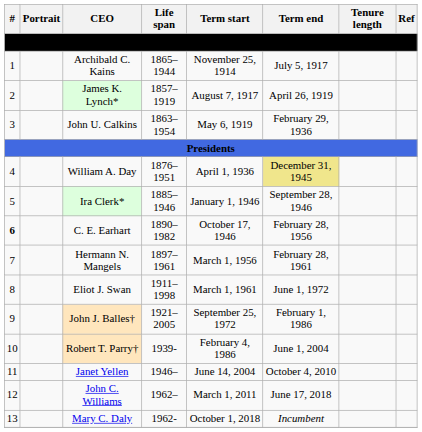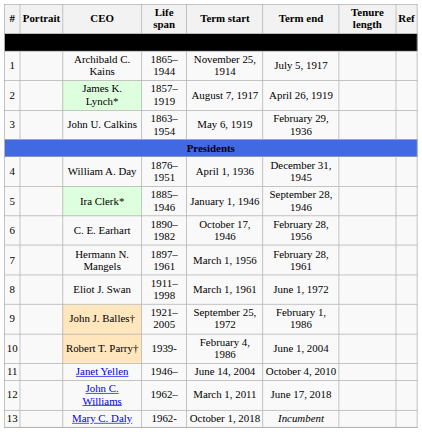 <table class="wikitable" style="text-align:center">
 <tr>
 <th>#</th>
 <th>Portrait</th>
 <th>CEO</th>
 <th>Life span</th>
 <th>Term start</th>
 <th>Term end</th>
 <th>Tenure length</th>
 <th>Ref</th>
 </tr>
 <tr>
 <td align="center" Colspan="18" style="background: #000000"><strong><span>Governors</span></strong></td>
 </tr>
 <tr>
 <td>1</td>
 <td></td>
 <td>Archibald C. Kains</td>
 <td>1865–1944</td>
 <td>November 25, 1914</td>
 <td>July 5, 1917</td>
 <td></td>
 <td align="center"></td>
 </tr>
 <tr>
 <td>2</td>
 <td></td>
 <td bgcolor="#ddffdd">James K. Lynch*</td>
 <td>1857–1919</td>
 <td>August 7, 1917</td>
 <td>April 26, 1919</td>
 <td></td>
 <td align="center"></td>
 </tr>
 <tr>
 <td>3</td>
 <td></td>
 <td>John U. Calkins</td>
 <td>1863–1954</td>
 <td>May 6, 1919</td>
 <td>February 29, 1936</td>
 <td></td>
 <td align="center"></td>
 </tr>
 <tr>
 <td align="center" Colspan="18" style="background: #4169E1"><strong><span>Presidents</span></strong></td>
 </tr>
 <tr>
 <td>4</td>
 <td></td>
 <td>William A. Day</td>
 <td>1876–1951</td>
 <td>April 1, 1936</td>
-<td style="background: khaki;">December 31, 1945</td>
+<td>December 31, 1945</td>
 <td></td>
 <td align="center"></td>
 </tr>
 <tr>
 <td>5</td>
 <td></td>
 <td bgcolor="#ddffdd">Ira Clerk*</td>
 <td>1885–1946</td>
 <td>January 1, 1946</td>
 <td>September 28, 1946</td>
 <td></td>
 <td align="center"></td>
 </tr>
 <tr>
-<td><strong>6</strong></td>
+<td>6</td>
 <td></td>
 <td>C. E. Earhart</td>
 <td>1890–1982</td>
 <td>October 17, 1946</td>
 <td>February 28, 1956</td>
 <td></td>
 <td align="center"></td>
 </tr>
 <tr>
 <td>7</td>
 <td></td>
 <td>Hermann N. Mangels</td>
 <td>1897–1961</td>
 <td>March 1, 1956</td>
 <td>February 28, 1961</td>
 <td></td>
 <td align="center"></td>
 </tr>
 <tr>
 <td>8</td>
 <td></td>
 <td>Eliot J. Swan</td>
 <td>1911–1998</td>
 <td>March 1, 1961</td>
 <td>June 1, 1972</td>
 <td></td>
 <td align="center"></td>
 </tr>
 <tr>
 <td>9</td>
 <td></td>
 <td bgcolor=#FFE6BD>John J. Balles†</td>
 <td>1921–2005</td>
 <td>September 25, 1972</td>
 <td>February 1, 1986</td>
 <td></td>
 <td align="center"></td>
 </tr>
 <tr>
 <td>10</td>
 <td></td>
 <td bgcolor=#FFE6BD>Robert T. Parry†</td>
 <td>1939-</td>
 <td>February 4, 1986</td>
 <td>June 1, 2004</td>
 <td></td>
 <td align="center"></td>
 </tr>
 <tr>
 <td>11</td>
 <td></td>
 <td><a href='#'>Janet Yellen</a></td>
 <td>1946–</td>
 <td>June 14, 2004</td>
 <td>October 4, 2010</td>
 <td></td>
 <td align="center"></td>
 </tr>
 <tr>
 <td>12</td>
 <td></td>
 <td><a href='#'>John C. Williams</a></td>
 <td>1962–</td>
 <td>March 1, 2011</td>
 <td>June 17, 2018</td>
 <td></td>
 <td align="center"></td>
 </tr>
 <tr>
 <td>13</td>
 <td></td>
 <td><a href='#'>Mary C. Daly</a></td>
 <td>1962-</td>
 <td>October 1, 2018</td>
 <td><em>Incumbent</em></td>
 <td></td>
 <td align="center"></td>
 </tr>
 <tr>
 </tr>
 </table>
